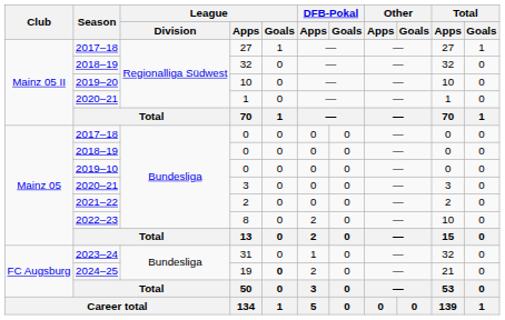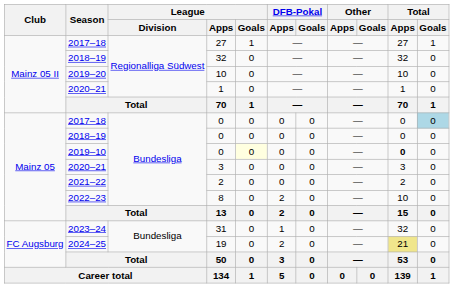 <table class="wikitable" style="text-align:center">
 <tr>
 <th rowspan="2">Club</th>
 <th rowspan="2">Season</th>
 <th colspan="3">League</th>
 <th colspan="2"><a href='#'>DFB-Pokal</a></th>
 <th colspan="2">Other</th>
 <th colspan="2">Total</th>
 </tr>
 <tr>
 <th>Division</th>
 <th>Apps</th>
 <th>Goals</th>
 <th>Apps</th>
 <th>Goals</th>
 <th>Apps</th>
 <th>Goals</th>
 <th>Apps</th>
 <th>Goals</th>
 </tr>
 <tr>
 <td rowspan="5"><a href='#'>Mainz 05 II</a></td>
 <td><a href='#'>2017–18</a></td>
 <td rowspan="4"><a href='#'>Regionalliga Südwest</a></td>
 <td>27</td>
 <td>1</td>
 <td colspan="2">—</td>
 <td colspan="2">—</td>
 <td>27</td>
 <td>1</td>
 </tr>
 <tr>
 <td><a href='#'>2018–19</a></td>
 <td>32</td>
 <td>0</td>
 <td colspan="2">—</td>
 <td colspan="2">—</td>
 <td>32</td>
 <td>0</td>
 </tr>
 <tr>
 <td><a href='#'>2019–20</a></td>
 <td>10</td>
 <td>0</td>
 <td colspan="2">—</td>
 <td colspan="2">—</td>
 <td>10</td>
 <td>0</td>
 </tr>
 <tr>
 <td><a href='#'>2020–21</a></td>
 <td>1</td>
 <td>0</td>
 <td colspan="2">—</td>
 <td colspan="2">—</td>
 <td>1</td>
 <td>0</td>
 </tr>
 <tr>
 <th colspan="2">Total</th>
 <th>70</th>
 <th>1</th>
 <th colspan="2">—</th>
 <th colspan="2">—</th>
 <th>70</th>
 <th>1</th>
 </tr>
 <tr>
 <td rowspan="7"><a href='#'>Mainz 05</a></td>
 <td><a href='#'>2017–18</a></td>
 <td rowspan="6"><a href='#'>Bundesliga</a></td>
 <td>0</td>
 <td>0</td>
 <td>0</td>
 <td>0</td>
 <td colspan="2">—</td>
 <td>0</td>
-<td>0</td>
+<td style="background: lightblue;">0</td>
 </tr>
 <tr>
 <td><a href='#'>2018–19</a></td>
 <td>0</td>
 <td>0</td>
 <td>0</td>
 <td>0</td>
 <td colspan="2">—</td>
 <td>0</td>
 <td>0</td>
 </tr>
 <tr>
 <td><a href='#'>2019–10</a></td>
 <td>0</td>
-<td>0</td>
+<td style="background: lightyellow;">0</td>
 <td>0</td>
 <td>0</td>
 <td colspan="2">—</td>
-<td>0</td>
+<td><strong>0</strong></td>
 <td>0</td>
 </tr>
 <tr>
 <td><a href='#'>2020–21</a></td>
 <td>3</td>
 <td>0</td>
 <td>0</td>
 <td>0</td>
 <td colspan="2">—</td>
 <td>3</td>
 <td>0</td>
 </tr>
 <tr>
 <td><a href='#'>2021–22</a></td>
 <td>2</td>
 <td>0</td>
 <td>0</td>
 <td>0</td>
 <td colspan="2">—</td>
 <td>2</td>
 <td>0</td>
 </tr>
 <tr>
 <td><a href='#'>2022–23</a></td>
 <td>8</td>
 <td>0</td>
 <td>2</td>
 <td>0</td>
 <td colspan="2">—</td>
 <td>10</td>
 <td>0</td>
 </tr>
 <tr>
 <th colspan="2">Total</th>
 <th>13</th>
 <th>0</th>
 <th>2</th>
 <th>0</th>
 <th colspan="2">—</th>
 <th>15</th>
 <th>0</th>
 </tr>
 <tr>
 <td rowspan="3"><a href='#'>FC Augsburg</a></td>
 <td><a href='#'>2023–24</a></td>
 <td rowspan="2">Bundesliga</td>
 <td>31</td>
 <td>0</td>
 <td>1</td>
 <td>0</td>
 <td colspan="2">—</td>
 <td>32</td>
 <td>0</td>
 </tr>
 <tr>
 <td><a href='#'>2024–25</a></td>
 <td>19</td>
-<td><strong>0</strong></td>
+<td>0</td>
 <td>2</td>
 <td>0</td>
 <td colspan="2">—</td>
-<td>21</td>
+<td style="background: khaki;">21</td>
 <td>0</td>
 </tr>
 <tr>
 <th colspan="2">Total</th>
 <th>50</th>
 <th>0</th>
 <th>3</th>
 <th>0</th>
 <th colspan="2">—</th>
 <th>53</th>
 <th>0</th>
 </tr>
 <tr>
 <th colspan="3">Career total</th>
 <th>134</th>
 <th>1</th>
 <th>5</th>
 <th>0</th>
 <th>0</th>
 <th>0</th>
 <th>139</th>
 <th>1</th>
 </tr>
 </table>
